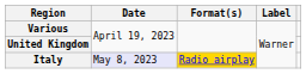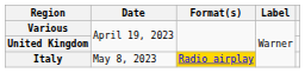 <table class="wikitable plainrowheaders">
 <tr>
 <th scope="col">Region</th>
 <th scope="col">Date</th>
 <th scope="col">Format(s)</th>
 <th scope="col">Label</th>
 <th scope="col"></th>
 </tr>
 <tr>
 <th scope="row">Various</th>
 <td rowspan="2">April 19, 2023</td>
 <td rowspan="2"></td>
 <td rowspan="3">Warner</td>
 <td></td>
 </tr>
 <tr>
 <th scope="row">United Kingdom</th>
 <td></td>
 </tr>
 <tr>
 <th scope="row">Italy</th>
-<td style="background: lavender;">May 8, 2023</td>
+<td>May 8, 2023</td>
 <td style="background: gold;"><a href='#'>Radio airplay</a></td>
 <td></td>
 </tr>
 </table>
